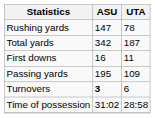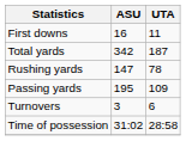 <table class="wikitable">
 <tr>
 <th>Statistics</th>
 <th>ASU</th>
 <th>UTA</th>
 </tr>
 <tr>
-<td>Rushing yards</td>
-<td>147</td>
-<td>78</td>
+<td>First downs</td>
+<td>16</td>
+<td>11</td>
 </tr>
 <tr>
 <td>Total yards</td>
 <td>342</td>
 <td>187</td>
 </tr>
 <tr>
-<td>First downs</td>
-<td>16</td>
-<td>11</td>
+<td>Rushing yards</td>
+<td>147</td>
+<td>78</td>
 </tr>
 <tr>
 <td>Passing yards</td>
 <td>195</td>
 <td>109</td>
 </tr>
 <tr>
 <td>Turnovers</td>
-<td><strong>3</strong></td>
+<td>3</td>
 <td>6</td>
 </tr>
 <tr>
 <td>Time of possession</td>
 <td>31:02</td>
 <td>28:58</td>
 </tr>
 <tr>
 </tr>
 </table>
